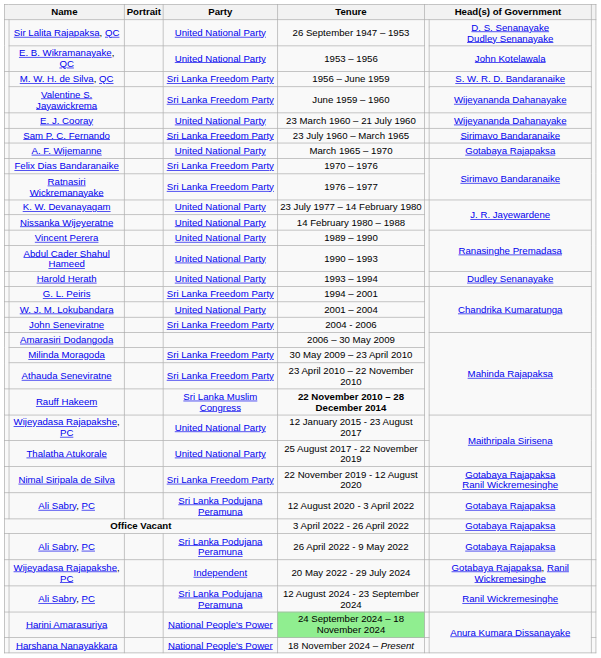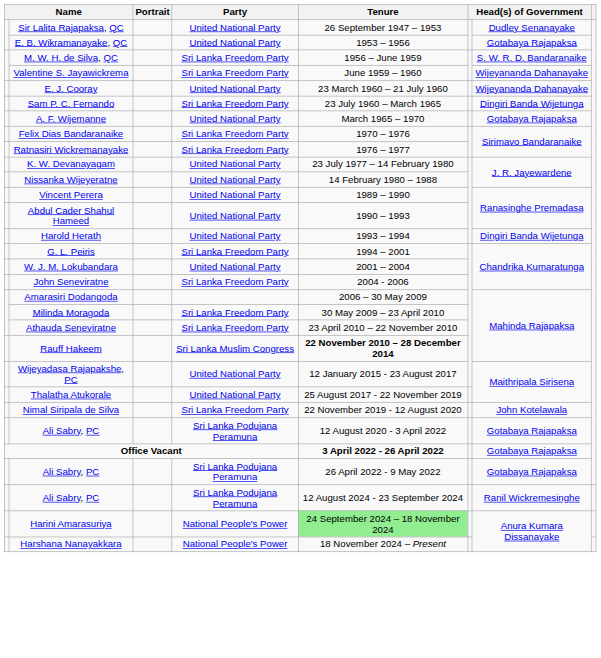 <table class="wikitable" style="margin:1em auto; font-size:90%; text-align:center;">
 <tr>
 <th colspan="2">Name</th>
 <th>Portrait</th>
 <th>Party</th>
 <th>Tenure</th>
 <th colspan="2">Head(s) of Government</th>
 <th></th>
 </tr>
 <tr>
 <td rowspan="2" !align="centre" style="background:"></td>
 <td><a href='#'>Sir Lalita Rajapaksa</a>, <a href='#'>QC</a></td>
 <td></td>
 <td><a href='#'>United National Party</a></td>
 <td>26 September 1947 – 1953</td>
 <td rowspan="2" !align="center" style="background:"></td>
-<td><a href='#'>D. S. Senanayake</a><br><a href='#'>Dudley Senanayake</a></td>
+<td><a href='#'>Dudley Senanayake</a></td>
 </tr>
 <tr>
 <td><a href='#'>E. B. Wikramanayake</a>, <a href='#'>QC</a></td>
 <td></td>
 <td><a href='#'>United National Party</a></td>
 <td>1953 – 1956</td>
-<td><a href='#'>John Kotelawala</a></td>
+<td rowspan ="1"><a href='#'>Gotabaya Rajapaksa</a></td>
 </tr>
 <tr>
 <td rowspan="3" !align="center" style="background:"></td>
 <td><a href='#'>M. W. H. de Silva</a>, <a href='#'>QC</a></td>
 <td></td>
 <td><a href='#'>Sri Lanka Freedom Party</a></td>
 <td>1956 – June 1959</td>
 <td rowspan="3" !align="center" style="background:"></td>
 <td rowspan ="2"><a href='#'>S. W. R. D. Bandaranaike</a></td>
 </tr>
 <tr>
 <td rowspan ="2"><a href='#'>Valentine S. Jayawickrema</a></td>
 <td rowspan ="2"></td>
 <td rowspan ="2"><a href='#'>Sri Lanka Freedom Party</a></td>
 <td rowspan ="2">June 1959 – 1960</td>
 </tr>
 <tr>
 <td><a href='#'>Wijeyananda Dahanayake</a></td>
 </tr>
 <tr>
 <td !align="center" style="background:"></td>
 <td><a href='#'>E. J. Cooray</a></td>
 <td></td>
 <td><a href='#'>United National Party</a></td>
 <td>23 March 1960 – 21 July 1960</td>
 <td !align="center" style="background:"></td>
 <td><a href='#'>Wijeyananda Dahanayake</a></td>
 </tr>
 <tr>
 <td !align="center" style="background:"></td>
 <td><a href='#'>Sam P. C. Fernando</a></td>
 <td></td>
 <td><a href='#'>Sri Lanka Freedom Party</a></td>
 <td>23 July 1960 – March 1965</td>
 <td !align="center" style="background:"></td>
-<td><a href='#'>Sirimavo Bandaranaike</a></td>
+<td><a href='#'>Dingiri Banda Wijetunga</a></td>
 </tr>
 <tr>
 <td !align="center" style="background:"></td>
 <td><a href='#'>A. F. Wijemanne</a></td>
 <td></td>
 <td><a href='#'>United National Party</a></td>
 <td>March 1965 – 1970</td>
 <td !align="center" style="background:"></td>
 <td rowspan ="1"><a href='#'>Gotabaya Rajapaksa</a></td>
 </tr>
 <tr>
 <td !align="center" style="background:"></td>
 <td><a href='#'>Felix Dias Bandaranaike</a></td>
 <td></td>
 <td><a href='#'>Sri Lanka Freedom Party</a></td>
 <td>1970 – 1976</td>
 <td rowspan="2" !align="center" style="background:"></td>
 <td rowspan ="2"><a href='#'>Sirimavo Bandaranaike</a></td>
 </tr>
 <tr>
 <td !align="centre" style="background:"></td>
 <td><a href='#'>Ratnasiri Wickremanayake</a></td>
 <td></td>
 <td><a href='#'>Sri Lanka Freedom Party</a></td>
 <td>1976 – 1977</td>
 </tr>
 <tr>
 <td !align="center" style="background:"></td>
 <td><a href='#'>K. W. Devanayagam</a></td>
 <td></td>
 <td><a href='#'>United National Party</a></td>
 <td>23 July 1977 – 14 February 1980</td>
 <td rowspan="5" !align="center" style="background:"></td>
 <td rowspan ="2"><a href='#'>J. R. Jayewardene</a></td>
 </tr>
 <tr>
 <td !align="center" style="background:"></td>
 <td><a href='#'>Nissanka Wijeyeratne</a></td>
 <td></td>
 <td><a href='#'>United National Party</a></td>
 <td>14 February 1980 – 1988</td>
 </tr>
 <tr>
 <td !align="center" style="background:"></td>
 <td><a href='#'>Vincent Perera</a></td>
 <td></td>
 <td><a href='#'>United National Party</a></td>
 <td>1989 – 1990</td>
 <td rowspan ="2"><a href='#'>Ranasinghe Premadasa</a></td>
 </tr>
 <tr>
 <td !align="center" style="background:"></td>
 <td><a href='#'>Abdul Cader Shahul Hameed</a></td>
 <td></td>
 <td><a href='#'>United National Party</a></td>
 <td>1990 – 1993</td>
 </tr>
 <tr>
 <td !align="center" style="background:"></td>
 <td><a href='#'>Harold Herath</a></td>
 <td></td>
 <td><a href='#'>United National Party</a></td>
 <td>1993 – 1994</td>
-<td><a href='#'>Dudley Senanayake</a></td>
+<td><a href='#'>Dingiri Banda Wijetunga</a></td>
 </tr>
 <tr>
 <td !align="center" style="background:"></td>
 <td><a href='#'>G. L. Peiris</a></td>
 <td></td>
 <td><a href='#'>Sri Lanka Freedom Party</a></td>
 <td>1994 – 2001</td>
 <td rowspan="9" !align="center" style="background:"></td>
 <td rowspan="4"><a href='#'>Chandrika Kumaratunga</a></td>
 </tr>
 <tr>
 <td !align="center" style="background:"></td>
 <td><a href='#'>W. J. M. Lokubandara</a></td>
 <td></td>
 <td><a href='#'>United National Party</a></td>
 <td>2001 – 2004</td>
 </tr>
 <tr>
 <td !align="center" style="background:"></td>
 <td><a href='#'>John Seneviratne</a></td>
 <td></td>
 <td><a href='#'>Sri Lanka Freedom Party</a></td>
 <td>2004 - 2006</td>
 </tr>
 <tr>
 <td rowspan="4" style="background:"></td>
 <td rowspan="2"><a href='#'>Amarasiri Dodangoda</a></td>
 <td rowspan="2"></td>
 <td rowspan="2"></td>
 <td rowspan="2">2006 – 30 May 2009</td>
 </tr>
 <tr>
 <td rowspan ="4"><a href='#'>Mahinda Rajapaksa</a></td>
 </tr>
 <tr>
 <td><a href='#'>Milinda Moragoda</a></td>
 <td></td>
 <td><a href='#'>Sri Lanka Freedom Party</a></td>
 <td>30 May 2009 – 23 April 2010</td>
 </tr>
 <tr>
 <td><a href='#'>Athauda Seneviratne</a></td>
 <td></td>
 <td><a href='#'>Sri Lanka Freedom Party</a></td>
 <td>23 April 2010 – 22 November 2010</td>
 </tr>
 <tr>
 <td !align="centre" style="background:"></td>
 <td><a href='#'>Rauff Hakeem</a></td>
 <td></td>
 <td><a href='#'>Sri Lanka Muslim Congress</a></td>
 <td><strong>22 November 2010 – 28 December 2014</strong></td>
 </tr>
 <tr>
 <td !align="center" style="background:"></td>
 <td><a href='#'>Wijeyadasa Rajapakshe</a>, <a href='#'>PC</a></td>
 <td></td>
 <td><a href='#'>United National Party</a></td>
 <td>12 January 2015 - 23 August 2017</td>
 <td rowspan ="2"><a href='#'>Maithripala Sirisena</a></td>
 </tr>
 <tr>
 <td !align="center" style="background:"></td>
 <td><a href='#'>Thalatha Atukorale</a></td>
 <td></td>
 <td><a href='#'>United National Party</a></td>
 <td>25 August 2017 - 22 November 2019</td>
 </tr>
 <tr>
 <td !align="center" style="background:"></td>
 <td><a href='#'>Nimal Siripala de Silva</a></td>
 <td></td>
 <td><a href='#'>Sri Lanka Freedom Party</a></td>
 <td>22 November 2019 - 12 August 2020</td>
 <td !align="center" style="background:"></td>
-<td rowspan ="1"><a href='#'>Gotabaya Rajapaksa</a><br><a href='#'>Ranil Wickremesinghe</a></td>
+<td><a href='#'>John Kotelawala</a></td>
 </tr>
 <tr>
 <td !align="center" style="background:"></td>
 <td><a href='#'>Ali Sabry</a>, <a href='#'>PC</a></td>
 <td></td>
 <td><a href='#'>Sri Lanka Podujana Peramuna</a></td>
 <td>12 August 2020 - 3 April 2022</td>
 <td !align="center" style="background:"></td>
 <td rowspan ="1"><a href='#'>Gotabaya Rajapaksa</a></td>
 </tr>
 <tr>
 <td colspan="4"><strong>Office Vacant</strong></td>
-<td>3 April 2022 - 26 April 2022</td>
+<td><strong>3 April 2022 - 26 April 2022</strong></td>
 <td !align="center" style="background:"></td>
 <td rowspan ="1"><a href='#'>Gotabaya Rajapaksa</a></td>
 </tr>
 <tr>
 <td !align="center" style="background:"></td>
 <td><a href='#'>Ali Sabry</a>, <a href='#'>PC</a></td>
 <td></td>
 <td><a href='#'>Sri Lanka Podujana Peramuna</a></td>
 <td>26 April 2022 - 9 May 2022</td>
 <td !align="center" style="background:"></td>
 <td rowspan ="1"><a href='#'>Gotabaya Rajapaksa</a></td>
-</tr>
-<tr>
-<td !align="center" style="background:"></td>
-<td><a href='#'>Wijeyadasa Rajapakshe</a>, <a href='#'>PC</a></td>
-<td></td>
-<td><a href='#'>Independent</a></td>
-<td>20 May 2022 - 29 July 2024</td>
-<td !align="center" style="background:"></td>
-<td rowspan="1"><a href='#'>Gotabaya Rajapaksa</a>, <a href='#'>Ranil Wickremesinghe</a></td>
-<td></td>
 </tr>
 <tr>
 <td !align="center" style="background:"></td>
 <td><a href='#'>Ali Sabry</a>, <a href='#'>PC</a></td>
 <td></td>
 <td><a href='#'>Sri Lanka Podujana Peramuna</a></td>
 <td>12 August 2024 - 23 September 2024</td>
 <td !align="center" style="background:"></td>
 <td rowspan="1"><a href='#'>Ranil Wickremesinghe</a></td>
 <td></td>
 </tr>
 <tr>
 <td !align="center" style="background:"></td>
 <td><a href='#'>Harini Amarasuriya</a></td>
 <td></td>
 <td><a href='#'>National People's Power</a></td>
 <td style="background: lightgreen;">24 September 2024 – 18 November 2024</td>
 <td !align="center" style="background:"></td>
 <td rowspan="2"><a href='#'>Anura Kumara Dissanayake</a></td>
 <td></td>
 </tr>
 <tr>
 <td !align="center" style="background:"></td>
 <td><a href='#'>Harshana Nanayakkara</a></td>
 <td></td>
 <td><a href='#'>National People's Power</a></td>
 <td>18 November 2024 – <em>Present</em></td>
 <td !align="center" style="background:"></td>
 <td></td>
 </tr>
 </table>
